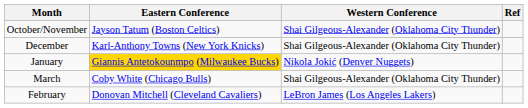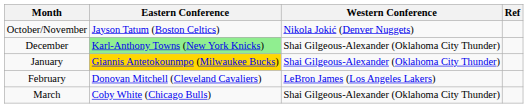 <table class="wikitable sortable" style="text-align:left;">
 <tr>
 <th>Month</th>
 <th>Eastern Conference</th>
 <th>Western Conference</th>
 <th class=unsortable>Ref</th>
 </tr>
 <tr>
 <td style="text-align:center;">October/November</td>
 <td><a href='#'>Jayson Tatum</a> (<a href='#'>Boston Celtics</a>) </td>
-<td><a href='#'>Shai Gilgeous-Alexander</a> (<a href='#'>Oklahoma City Thunder</a>) </td>
+<td><a href='#'>Nikola Jokić</a> (<a href='#'>Denver Nuggets</a>) </td>
 <td style="text-align:center;"></td>
 </tr>
 <tr>
 <td style="text-align:center;">December</td>
-<td><a href='#'>Karl-Anthony Towns</a> (<a href='#'>New York Knicks</a>) </td>
+<td style="background: lightgreen;"><a href='#'>Karl-Anthony Towns</a> (<a href='#'>New York Knicks</a>) </td>
 <td>Shai Gilgeous-Alexander (Oklahoma City Thunder) </td>
 <td style="text-align:center;"></td>
 </tr>
 <tr>
 <td style="text-align:center;">January</td>
 <td style="background: gold;"><a href='#'>Giannis Antetokounmpo</a> (<a href='#'>Milwaukee Bucks</a>) </td>
-<td><a href='#'>Nikola Jokić</a> (<a href='#'>Denver Nuggets</a>) </td>
+<td><a href='#'>Shai Gilgeous-Alexander</a> (<a href='#'>Oklahoma City Thunder</a>) </td>
+<td style="text-align:center;"></td>
+</tr>
+<tr>
+<td style="text-align:center;">February</td>
+<td><a href='#'>Donovan Mitchell</a> (<a href='#'>Cleveland Cavaliers</a>) </td>
+<td><a href='#'>LeBron James</a> (<a href='#'>Los Angeles Lakers</a>) </td>
 <td style="text-align:center;"></td>
 </tr>
 <tr>
 <td style="text-align:center;'">March</td>
 <td><a href='#'>Coby White</a> (<a href='#'>Chicago Bulls</a>) </td>
 <td>Shai Gilgeous-Alexander (Oklahoma City Thunder) </td>
 <td style="text-align:center;"></td>
 </tr>
-<tr>
-<td style="text-align:center;">February</td>
-<td><a href='#'>Donovan Mitchell</a> (<a href='#'>Cleveland Cavaliers</a>) </td>
-<td><a href='#'>LeBron James</a> (<a href='#'>Los Angeles Lakers</a>) </td>
-<td style="text-align:center;"></td>
-</tr>
 </table>
